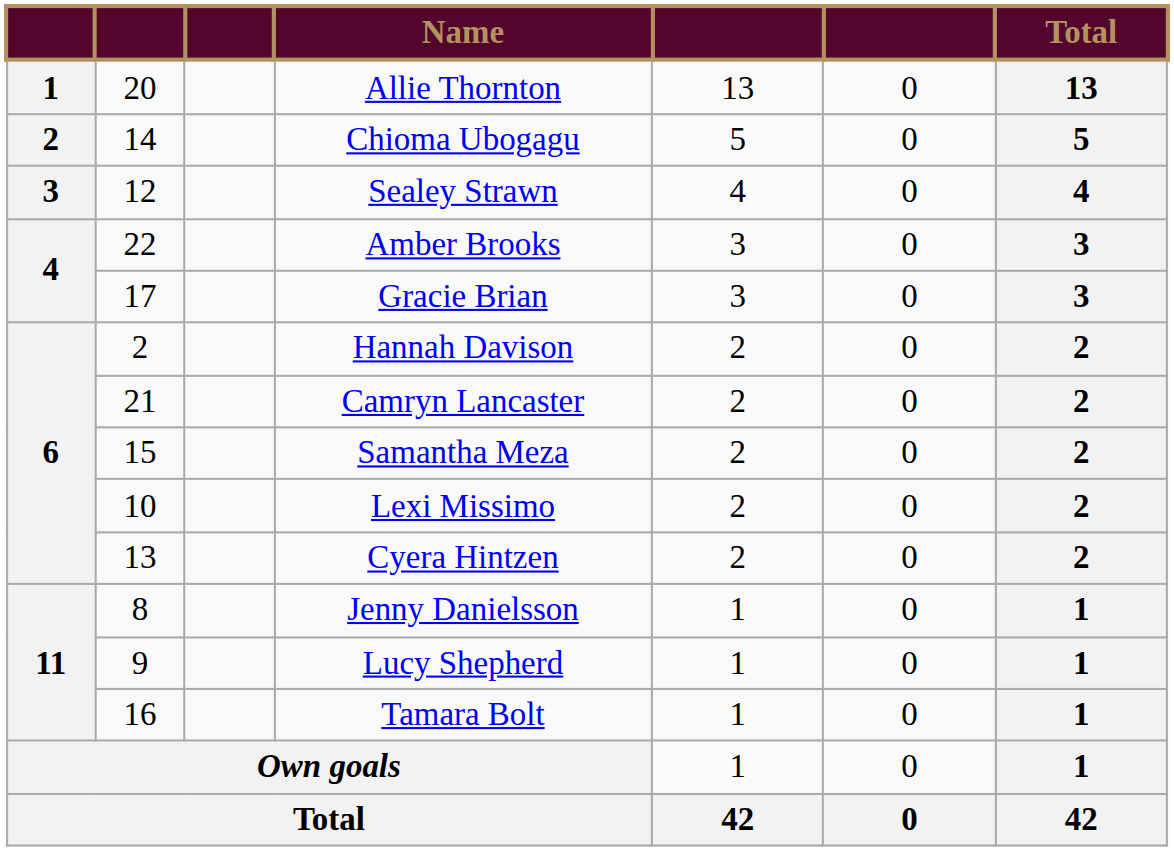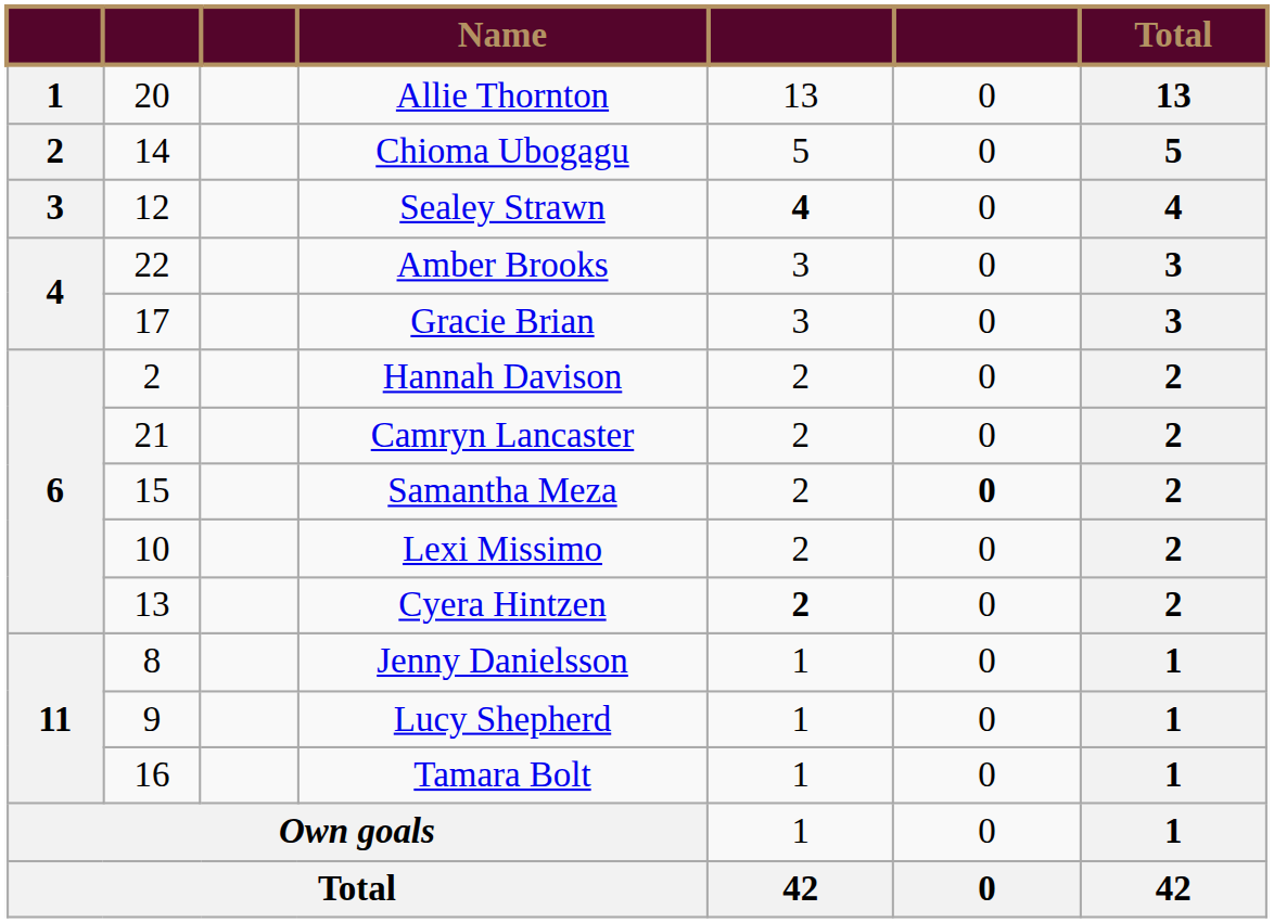 <table class="wikitable sortable" style="text-align:center;">
 <tr>
 <th style="background:#54052B; color:#B39262; border:2px solid #B39262; width:35px;" scope="col"></th>
 <th style="background:#54052B; color:#B39262; border:2px solid #B39262; width:35px;" scope="col"></th>
 <th style="background:#54052B; color:#B39262; border:2px solid #B39262; width:35px;" scope="col"></th>
 <th style="background:#54052B; color:#B39262; border:2px solid #B39262; width:175px;" scope="col">Name</th>
 <th style="background:#54052B; color:#B39262; border:2px solid #B39262; width:75px;" scope="col"></th>
 <th style="background:#54052B; color:#B39262; border:2px solid #B39262; width:75px;" scope="col"></th>
 <th style="background:#54052B; color:#B39262; border:2px solid #B39262; width:75px;" scope="col">Total</th>
 </tr>
 <tr>
 <th>1</th>
 <td>20</td>
 <td></td>
 <td><a href='#'>Allie Thornton</a></td>
 <td>13</td>
 <td>0</td>
 <th>13</th>
 </tr>
 <tr>
 <th>2</th>
 <td>14</td>
 <td></td>
 <td><a href='#'>Chioma Ubogagu</a></td>
 <td>5</td>
 <td>0</td>
 <th>5</th>
 </tr>
 <tr>
 <th>3</th>
 <td>12</td>
 <td></td>
 <td><a href='#'>Sealey Strawn</a></td>
-<td>4</td>
+<td><strong>4</strong></td>
 <td>0</td>
 <th>4</th>
 </tr>
 <tr>
 <th rowspan="2">4</th>
 <td>22</td>
 <td></td>
 <td><a href='#'>Amber Brooks</a></td>
 <td>3</td>
 <td>0</td>
 <th>3</th>
 </tr>
 <tr>
 <td>17</td>
 <td></td>
 <td><a href='#'>Gracie Brian</a></td>
 <td>3</td>
 <td>0</td>
 <th>3</th>
 </tr>
 <tr>
 <th rowspan="5">6</th>
 <td>2</td>
 <td></td>
 <td><a href='#'>Hannah Davison</a></td>
 <td>2</td>
 <td>0</td>
 <th>2</th>
 </tr>
 <tr>
 <td>21</td>
 <td></td>
 <td><a href='#'>Camryn Lancaster</a></td>
 <td>2</td>
 <td>0</td>
 <th>2</th>
 </tr>
 <tr>
 <td>15</td>
 <td></td>
 <td><a href='#'>Samantha Meza</a></td>
 <td>2</td>
-<td>0</td>
+<td><strong>0</strong></td>
 <th>2</th>
 </tr>
 <tr>
 <td>10</td>
 <td></td>
 <td><a href='#'>Lexi Missimo</a></td>
 <td>2</td>
 <td>0</td>
 <th>2</th>
 </tr>
 <tr>
 <td>13</td>
 <td></td>
 <td><a href='#'>Cyera Hintzen</a></td>
-<td>2</td>
+<td><strong>2</strong></td>
 <td>0</td>
 <th>2</th>
 </tr>
 <tr>
 <th rowspan="3">11</th>
 <td>8</td>
 <td></td>
 <td><a href='#'>Jenny Danielsson</a></td>
 <td>1</td>
 <td>0</td>
 <th>1</th>
 </tr>
 <tr>
 <td>9</td>
 <td></td>
 <td><a href='#'>Lucy Shepherd</a></td>
 <td>1</td>
 <td>0</td>
 <th>1</th>
 </tr>
 <tr>
 <td>16</td>
 <td></td>
 <td><a href='#'>Tamara Bolt</a></td>
 <td>1</td>
 <td>0</td>
 <th>1</th>
 </tr>
 <tr>
 <th colspan="4"><em>Own goals</em></th>
 <td>1</td>
 <td>0</td>
 <th>1</th>
 </tr>
 <tr>
 <th colspan="4" scope="row">Total</th>
 <th>42</th>
 <th>0</th>
 <th>42</th>
 </tr>
 </table>
